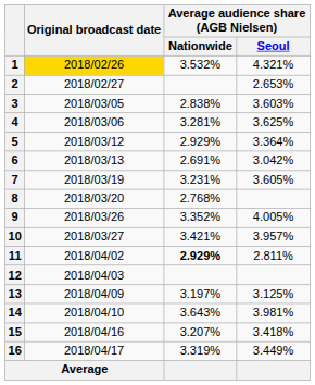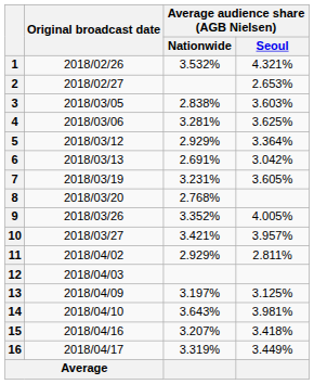 <table class="wikitable" style="text-align:center; margin-left: auto; margin-right: auto; border: none;">
 <tr>
 </tr>
 <tr>
 <th rowspan="2"></th>
 <th rowspan="2">Original broadcast date</th>
 <th colspan="2">Average audience share<br>(AGB Nielsen)</th>
 </tr>
 <tr>
 <th width=90>Nationwide</th>
 <th width=90><a href='#'>Seoul</a></th>
 </tr>
 <tr>
 <th>1</th>
-<td style="background: gold;">2018/02/26</td>
+<td>2018/02/26</td>
 <td>3.532%</td>
 <td>4.321%</td>
 </tr>
 <tr>
 <th>2</th>
 <td>2018/02/27</td>
 <td></td>
 <td>2.653%</td>
 </tr>
 <tr>
 <th>3</th>
 <td>2018/03/05</td>
 <td>2.838%</td>
 <td>3.603%</td>
 </tr>
 <tr>
 <th>4</th>
 <td>2018/03/06</td>
 <td>3.281%</td>
 <td>3.625%</td>
 </tr>
 <tr>
 <th>5</th>
 <td>2018/03/12</td>
 <td>2.929%</td>
 <td>3.364%</td>
 </tr>
 <tr>
 <th>6</th>
 <td>2018/03/13</td>
 <td>2.691%</td>
 <td>3.042%</td>
 </tr>
 <tr>
 <th>7</th>
 <td>2018/03/19</td>
 <td>3.231%</td>
 <td>3.605%</td>
 </tr>
 <tr>
 <th>8</th>
 <td>2018/03/20</td>
 <td>2.768%</td>
 <td></td>
 </tr>
 <tr>
 <th>9</th>
 <td>2018/03/26</td>
 <td>3.352%</td>
 <td>4.005%</td>
 </tr>
 <tr>
 <th>10</th>
 <td>2018/03/27</td>
 <td>3.421%</td>
 <td>3.957%</td>
 </tr>
 <tr>
 <th>11</th>
 <td>2018/04/02</td>
-<td><strong>2.929%</strong></td>
+<td>2.929%</td>
 <td>2.811%</td>
 </tr>
 <tr>
 <th>12</th>
 <td>2018/04/03</td>
 <td></td>
 <td></td>
 </tr>
 <tr>
 <th>13</th>
 <td>2018/04/09</td>
 <td>3.197%</td>
 <td>3.125%</td>
 </tr>
 <tr>
 <th>14</th>
 <td>2018/04/10</td>
 <td>3.643%</td>
 <td>3.981%</td>
 </tr>
 <tr>
 <th>15</th>
 <td>2018/04/16</td>
 <td>3.207%</td>
 <td>3.418%</td>
 </tr>
 <tr>
 <th>16</th>
 <td>2018/04/17</td>
 <td>3.319%</td>
 <td>3.449%</td>
 </tr>
 <tr>
 <th colspan="2">Average</th>
 <th></th>
 <th></th>
 </tr>
 </table>
